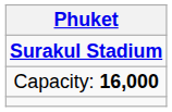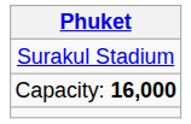 <table class="wikitable" style="text-align:center;margin:1em auto;">
 <tr>
 <th colspan="1"><a href='#'>Phuket</a></th>
 </tr>
 <tr>
-<td><strong><a href='#'>Surakul Stadium</a></strong></td>
+<td><a href='#'>Surakul Stadium</a></td>
 </tr>
 <tr>
 <td>Capacity: <strong>	16,000</strong></td>
 </tr>
 <tr>
 <td></td>
 </tr>
 </table>
